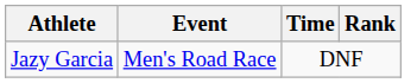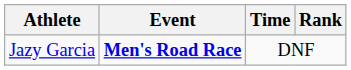 <table class=wikitable style="font-size:95%">
 <tr>
 <th>Athlete</th>
 <th>Event</th>
 <th>Time</th>
 <th>Rank</th>
 </tr>
 <tr align="center">
 <td><a href='#'>Jazy Garcia</a></td>
-<td><a href='#'>Men's Road Race</a></td>
+<td><strong><a href='#'>Men's Road Race</a></strong></td>
 <td colspan=2>DNF</td>
 </tr>
 </table>
